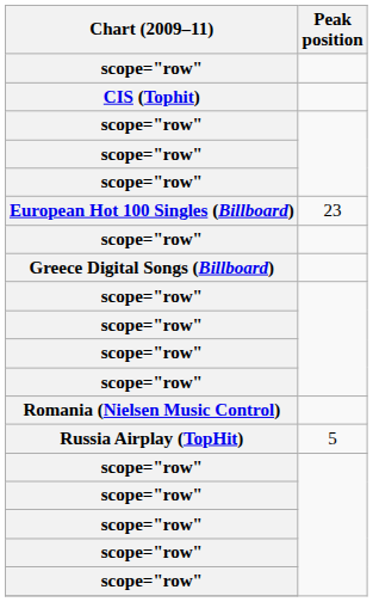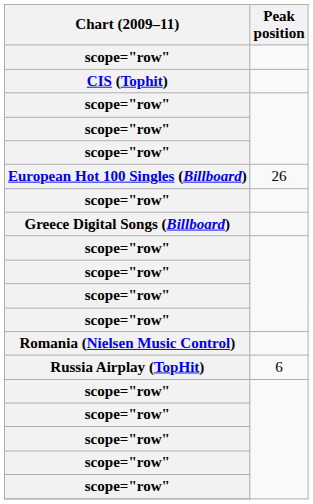 <table class="wikitable sortable plainrowheaders" style="text-align:center">
 <tr>
 <th>Chart (2009–11)</th>
 <th>Peak<br>position</th>
 </tr>
 <tr>
 <th>scope="row"</th>
 </tr>
 <tr>
 <th scope="row"><a href='#'>CIS</a> (<a href='#'>Tophit</a>)</th>
 <td></td>
 </tr>
 <tr>
 <th>scope="row"</th>
 </tr>
 <tr>
 <th>scope="row"</th>
 </tr>
 <tr>
 <th>scope="row"</th>
 </tr>
 <tr>
 <th scope="row"><a href='#'>European Hot 100 Singles</a> (<em><a href='#'>Billboard</a></em>)</th>
-<td style="text-align:center;">23</td>
+<td style="text-align:center;">26</td>
 </tr>
 <tr>
 <th>scope="row"</th>
 </tr>
 <tr>
 <th scope="row">Greece Digital Songs (<em><a href='#'>Billboard</a></em>)</th>
 <td></td>
 </tr>
 <tr>
 <th>scope="row"</th>
 </tr>
 <tr>
 <th>scope="row"</th>
 </tr>
 <tr>
 <th>scope="row"</th>
 </tr>
 <tr>
 <th>scope="row"</th>
 </tr>
 <tr>
 <th scope="row">Romania (<a href='#'>Nielsen Music Control</a>)</th>
 <td></td>
 </tr>
 <tr>
 <th scope="row">Russia Airplay (<a href='#'>TopHit</a>)</th>
-<td>5</td>
+<td>6</td>
 </tr>
 <tr>
 <th>scope="row"</th>
 </tr>
 <tr>
 <th>scope="row"</th>
 </tr>
 <tr>
 <th>scope="row"</th>
 </tr>
 <tr>
 <th>scope="row"</th>
 </tr>
 <tr>
 <th>scope="row"</th>
 </tr>
 <tr>
 </tr>
 </table>
